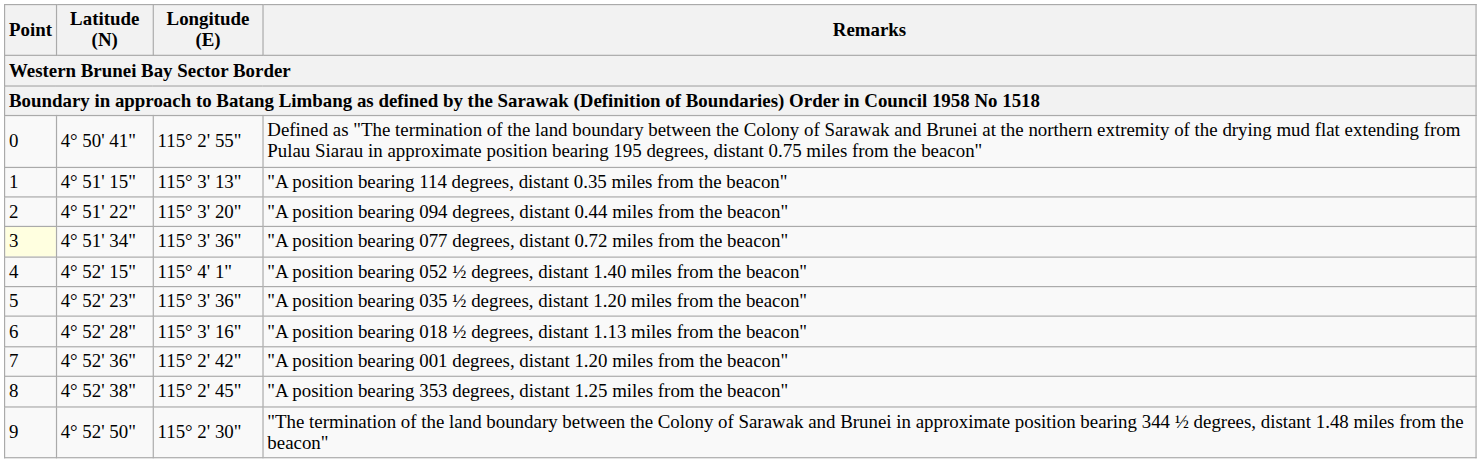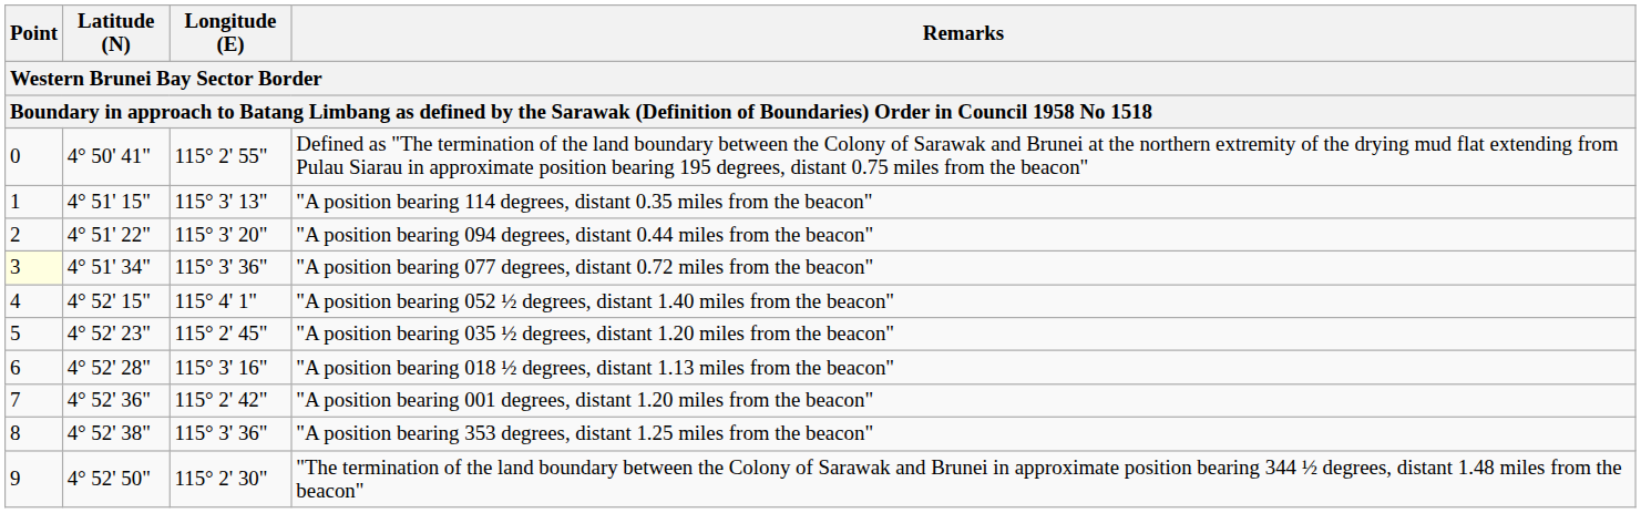 <table class="wikitable">
 <tr>
 <th>Point</th>
 <th>Latitude (N)</th>
 <th>Longitude (E)</th>
 <th>Remarks</th>
 </tr>
 <tr>
 <th colspan="5" style="text-align:left">Western Brunei Bay Sector Border</th>
 </tr>
 <tr>
 <th colspan="5" style="text-align:left">Boundary in approach to Batang Limbang as defined by the Sarawak (Definition of Boundaries) Order in Council 1958 No 1518</th>
 </tr>
 <tr>
 <td>0</td>
 <td>4° 50' 41"</td>
 <td>115° 2' 55"</td>
 <td>Defined as "The termination of the land boundary between the Colony of Sarawak and Brunei at the northern extremity of the drying mud flat extending from Pulau Siarau in approximate position bearing 195 degrees, distant 0.75 miles from the beacon"</td>
 </tr>
 <tr>
 <td>1</td>
 <td>4° 51' 15"</td>
 <td>115° 3' 13"</td>
 <td>"A position bearing 114 degrees, distant 0.35 miles from the beacon"</td>
 </tr>
 <tr>
 <td>2</td>
 <td>4° 51' 22"</td>
 <td>115° 3' 20"</td>
 <td>"A position bearing 094 degrees, distant 0.44 miles from the beacon"</td>
 </tr>
 <tr>
 <td style="background: lightyellow;">3</td>
 <td>4° 51' 34"</td>
 <td>115° 3' 36"</td>
 <td>"A position bearing 077 degrees, distant 0.72 miles from the beacon"</td>
 </tr>
 <tr>
 <td>4</td>
 <td>4° 52' 15"</td>
 <td>115° 4' 1"</td>
 <td>"A position bearing 052 ½ degrees, distant 1.40 miles from the beacon"</td>
 </tr>
 <tr>
 <td>5</td>
 <td>4° 52' 23"</td>
-<td>115° 3' 36"</td>
+<td>115° 2' 45"</td>
 <td>"A position bearing 035 ½ degrees, distant 1.20 miles from the beacon"</td>
 </tr>
 <tr>
 <td>6</td>
 <td>4° 52' 28"</td>
 <td>115° 3' 16"</td>
 <td>"A position bearing 018 ½ degrees, distant 1.13 miles from the beacon"</td>
 </tr>
 <tr>
 <td>7</td>
 <td>4° 52' 36"</td>
 <td>115° 2' 42"</td>
 <td>"A position bearing 001 degrees, distant 1.20 miles from the beacon"</td>
 </tr>
 <tr>
 <td>8</td>
 <td>4° 52' 38"</td>
-<td>115° 2' 45"</td>
+<td>115° 3' 36"</td>
 <td>"A position bearing 353 degrees, distant 1.25 miles from the beacon"</td>
 </tr>
 <tr>
 <td>9</td>
 <td>4° 52' 50"</td>
 <td>115° 2' 30"</td>
 <td>"The termination of the land boundary between the Colony of Sarawak and Brunei in approximate position bearing 344 ½ degrees, distant 1.48 miles from the beacon"</td>
 </tr>
 </table>
